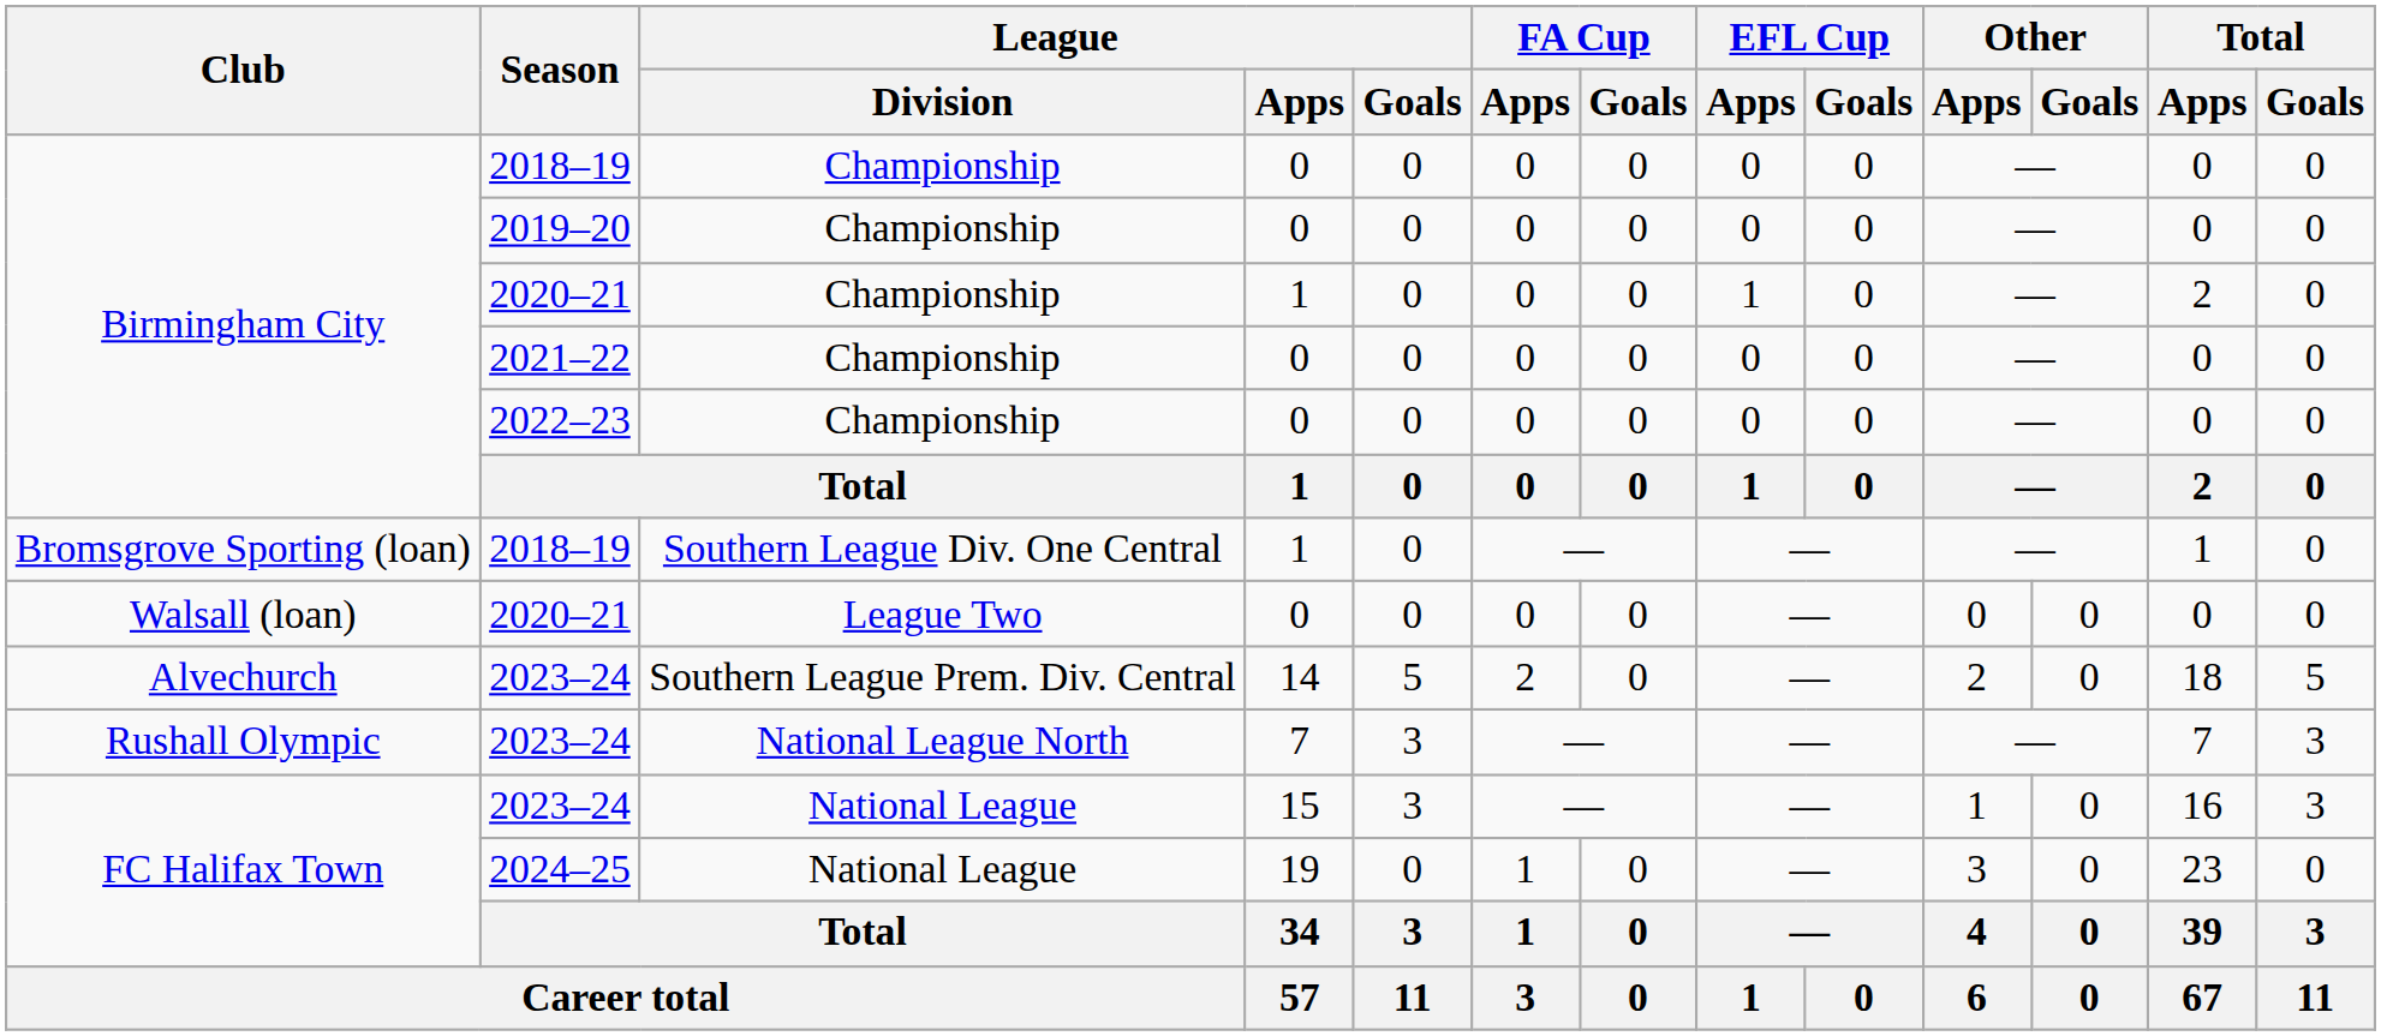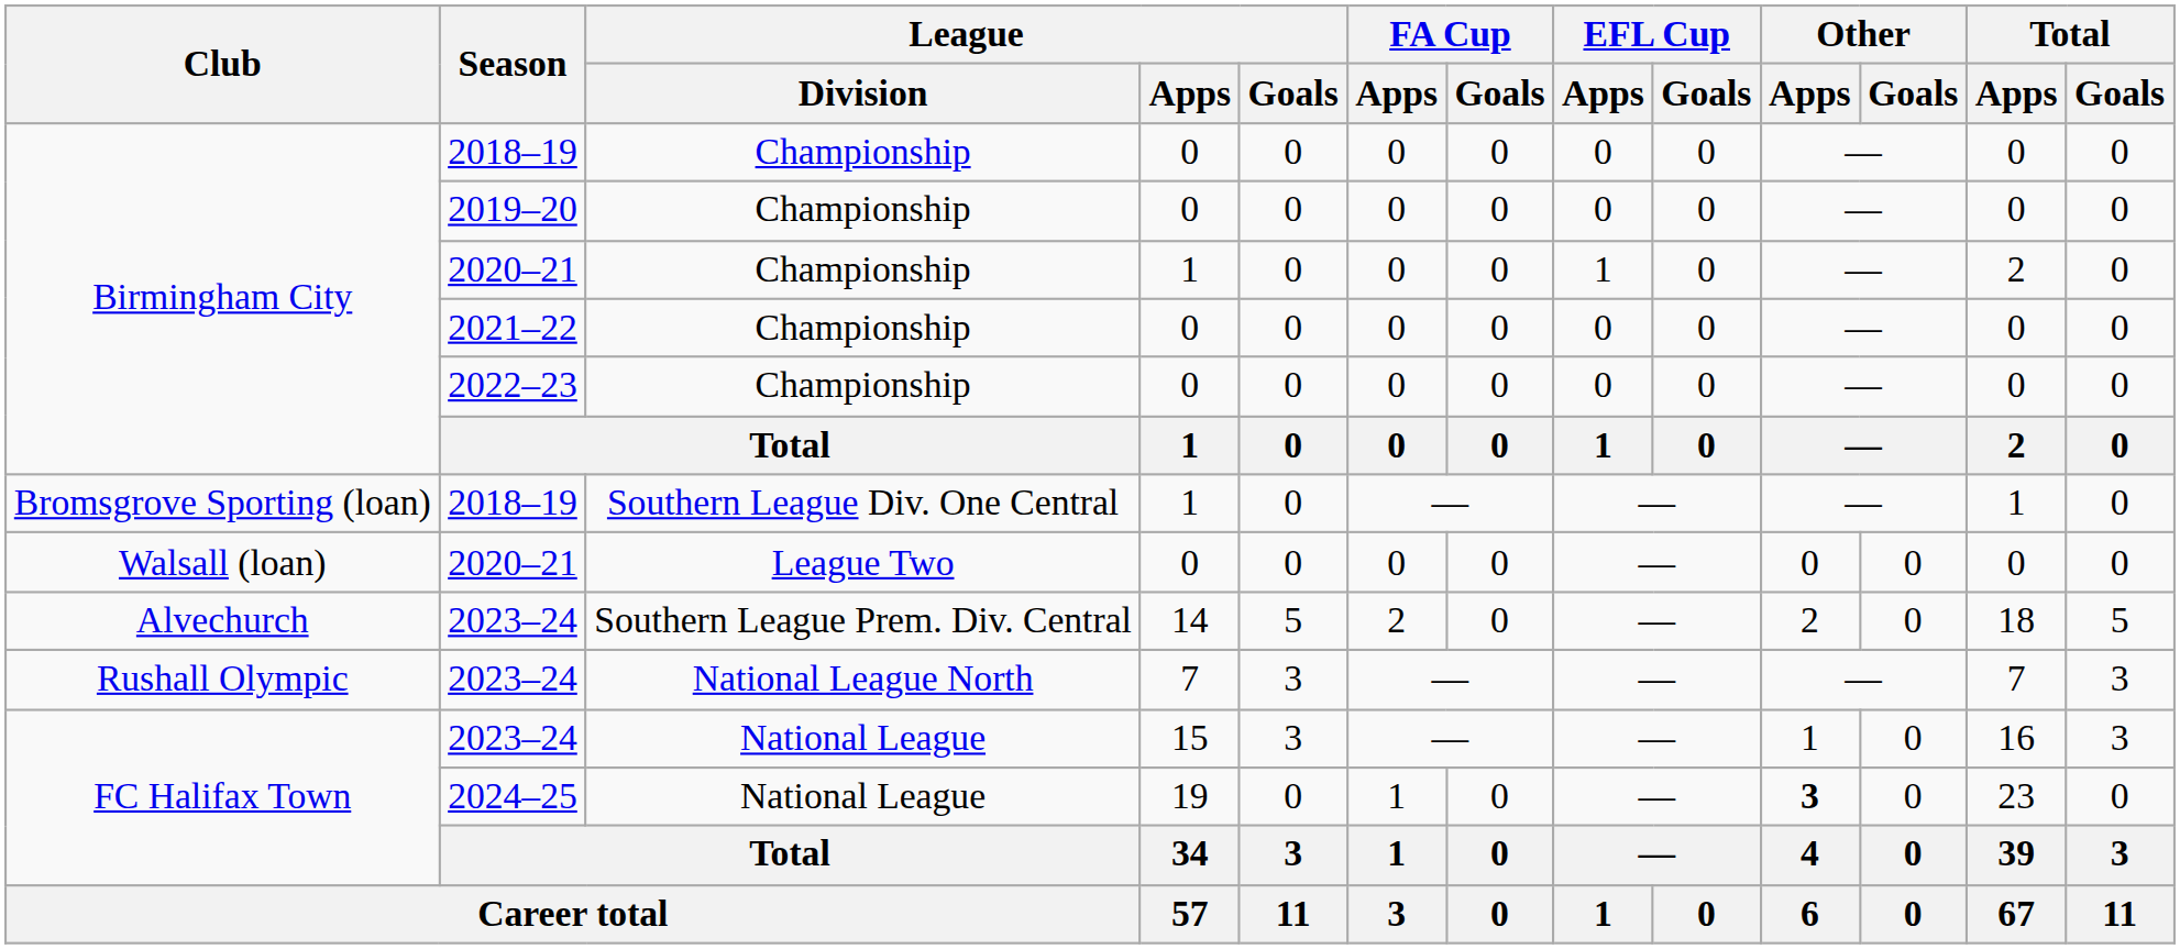 <table class=wikitable style=text-align:center>
 <tr>
 <th rowspan="2">Club</th>
 <th rowspan="2">Season</th>
 <th colspan="3">League</th>
 <th colspan="2"><a href='#'>FA Cup</a></th>
 <th colspan="2"><a href='#'>EFL Cup</a></th>
 <th colspan="2">Other</th>
 <th colspan="2">Total</th>
 </tr>
 <tr>
 <th>Division</th>
 <th>Apps</th>
 <th>Goals</th>
 <th>Apps</th>
 <th>Goals</th>
 <th>Apps</th>
 <th>Goals</th>
 <th>Apps</th>
 <th>Goals</th>
 <th>Apps</th>
 <th>Goals</th>
 </tr>
 <tr>
 <td rowspan="6"><a href='#'>Birmingham City</a></td>
 <td><a href='#'>2018–19</a></td>
 <td><a href='#'>Championship</a></td>
 <td>0</td>
 <td>0</td>
 <td>0</td>
 <td>0</td>
 <td>0</td>
 <td>0</td>
 <td colspan="2">—</td>
 <td>0</td>
 <td>0</td>
 </tr>
 <tr>
 <td><a href='#'>2019–20</a></td>
 <td>Championship</td>
 <td>0</td>
 <td>0</td>
 <td>0</td>
 <td>0</td>
 <td>0</td>
 <td>0</td>
 <td colspan="2">—</td>
 <td>0</td>
 <td>0</td>
 </tr>
 <tr>
 <td><a href='#'>2020–21</a></td>
 <td>Championship</td>
 <td>1</td>
 <td>0</td>
 <td>0</td>
 <td>0</td>
 <td>1</td>
 <td>0</td>
 <td colspan="2">—</td>
 <td>2</td>
 <td>0</td>
 </tr>
 <tr>
 <td><a href='#'>2021–22</a></td>
 <td>Championship</td>
 <td>0</td>
 <td>0</td>
 <td>0</td>
 <td>0</td>
 <td>0</td>
 <td>0</td>
 <td colspan="2">—</td>
 <td>0</td>
 <td>0</td>
 </tr>
 <tr>
 <td><a href='#'>2022–23</a></td>
 <td>Championship</td>
 <td>0</td>
 <td>0</td>
 <td>0</td>
 <td>0</td>
 <td>0</td>
 <td>0</td>
 <td colspan="2">—</td>
 <td>0</td>
 <td>0</td>
 </tr>
 <tr>
 <th colspan="2">Total</th>
 <th>1</th>
 <th>0</th>
 <th>0</th>
 <th>0</th>
 <th>1</th>
 <th>0</th>
 <th colspan="2">—</th>
 <th>2</th>
 <th>0</th>
 </tr>
 <tr>
 <td><a href='#'>Bromsgrove Sporting</a> (loan)</td>
 <td><a href='#'>2018–19</a></td>
 <td><a href='#'>Southern League</a> Div. One Central</td>
 <td>1</td>
 <td>0</td>
 <td colspan="2">—</td>
 <td colspan="2">—</td>
 <td colspan="2">—</td>
 <td>1</td>
 <td>0</td>
 </tr>
 <tr>
 <td><a href='#'>Walsall</a> (loan)</td>
 <td><a href='#'>2020–21</a></td>
 <td><a href='#'>League Two</a></td>
 <td>0</td>
 <td>0</td>
 <td>0</td>
 <td>0</td>
 <td colspan="2">—</td>
 <td>0</td>
 <td>0</td>
 <td>0</td>
 <td>0</td>
 </tr>
 <tr>
 <td><a href='#'>Alvechurch</a></td>
 <td><a href='#'>2023–24</a></td>
 <td>Southern League Prem. Div. Central</td>
 <td>14</td>
 <td>5</td>
 <td>2</td>
 <td>0</td>
 <td colspan="2">—</td>
 <td>2</td>
 <td>0</td>
 <td>18</td>
 <td>5</td>
 </tr>
 <tr>
 <td><a href='#'>Rushall Olympic</a></td>
 <td><a href='#'>2023–24</a></td>
 <td><a href='#'>National League North</a></td>
 <td>7</td>
 <td>3</td>
 <td colspan="2">—</td>
 <td colspan="2">—</td>
 <td colspan="2">—</td>
 <td>7</td>
 <td>3</td>
 </tr>
 <tr>
 <td rowspan="3"><a href='#'>FC Halifax Town</a></td>
 <td><a href='#'>2023–24</a></td>
 <td><a href='#'>National League</a></td>
 <td>15</td>
 <td>3</td>
 <td colspan="2">—</td>
 <td colspan="2">—</td>
 <td>1</td>
 <td>0</td>
 <td>16</td>
 <td>3</td>
 </tr>
 <tr>
 <td><a href='#'>2024–25</a></td>
 <td>National League</td>
 <td>19</td>
 <td>0</td>
 <td>1</td>
 <td>0</td>
 <td colspan="2">—</td>
-<td>3</td>
+<td><strong>3</strong></td>
 <td>0</td>
 <td>23</td>
 <td>0</td>
 </tr>
 <tr>
 <th colspan="2">Total</th>
 <th>34</th>
 <th>3</th>
 <th>1</th>
 <th>0</th>
 <th colspan="2">—</th>
 <th>4</th>
 <th>0</th>
 <th>39</th>
 <th>3</th>
 </tr>
 <tr>
 <th colspan="3">Career total</th>
 <th>57</th>
 <th>11</th>
 <th>3</th>
 <th>0</th>
 <th>1</th>
 <th>0</th>
 <th>6</th>
 <th>0</th>
 <th>67</th>
 <th>11</th>
 </tr>
 </table>
